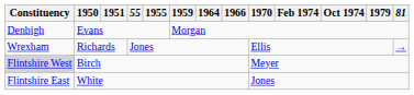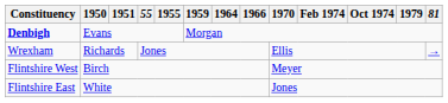 <table class="wikitable">
 <tr>
 <th>Constituency</th>
 <th>1950</th>
 <th>1951</th>
 <th><em>55</em></th>
 <th>1955</th>
 <th>1959</th>
 <th>1964</th>
 <th>1966</th>
 <th>1970</th>
 <th>Feb 1974</th>
 <th>Oct 1974</th>
 <th>1979</th>
 <th><em>81</em></th>
 </tr>
 <tr>
-<td><a href='#'>Denbigh</a></td>
+<td><strong><a href='#'>Denbigh</a></strong></td>
 <td colspan="4"><a href='#'>Evans</a></td>
 <td colspan="8"><a href='#'>Morgan</a></td>
 </tr>
 <tr>
 <td><a href='#'>Wrexham</a></td>
 <td colspan="2"><a href='#'>Richards</a></td>
 <td colspan="5"><a href='#'>Jones</a></td>
 <td colspan="4"><a href='#'>Ellis</a></td>
 <td><a href='#'>→</a></td>
 </tr>
 <tr>
-<td style="background: lightgrey;"><a href='#'>Flintshire West</a></td>
+<td><a href='#'>Flintshire West</a></td>
 <td colspan="7"><a href='#'>Birch</a></td>
 <td colspan="5"><a href='#'>Meyer</a></td>
 </tr>
 <tr>
 <td><a href='#'>Flintshire East</a></td>
 <td colspan="7"><a href='#'>White</a></td>
 <td colspan="5"><a href='#'>Jones</a></td>
 </tr>
 </table>
